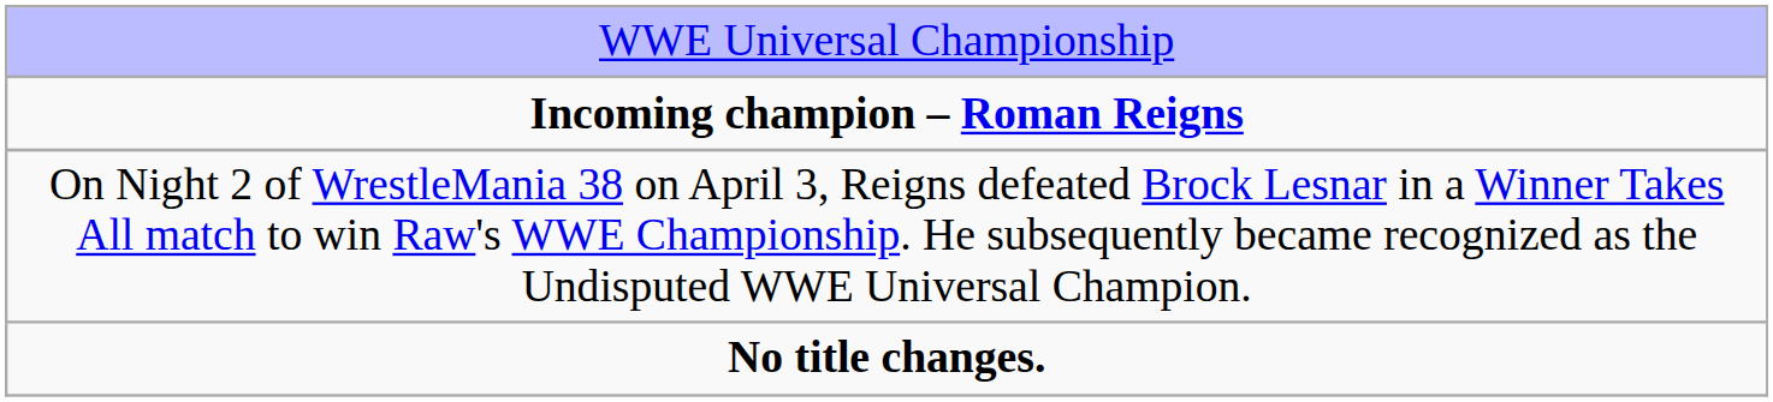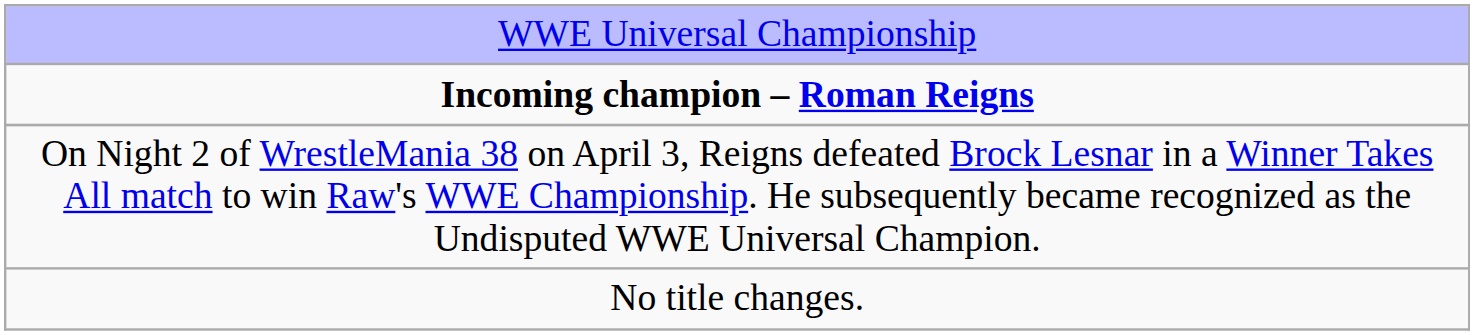 <table class="wikitable" style="text-align:center; width:100%;">
 <tr style="background:#BBF;">
 <td><a href='#'>WWE Universal Championship</a></td>
 </tr>
 <tr>
 <td><strong>Incoming champion – <a href='#'>Roman Reigns</a></strong></td>
 </tr>
 <tr>
 </tr>
 <tr>
 </tr>
 <tr>
 <td>On Night 2 of <a href='#'>WrestleMania 38</a> on April 3, Reigns defeated <a href='#'>Brock Lesnar</a> in a <a href='#'>Winner Takes All match</a> to win <a href='#'>Raw</a>'s <a href='#'>WWE Championship</a>. He subsequently became recognized as the Undisputed WWE Universal Champion.</td>
 </tr>
 <tr>
-<td><strong>No title changes.</strong></td>
+<td>No title changes.</td>
 </tr>
 </table>
